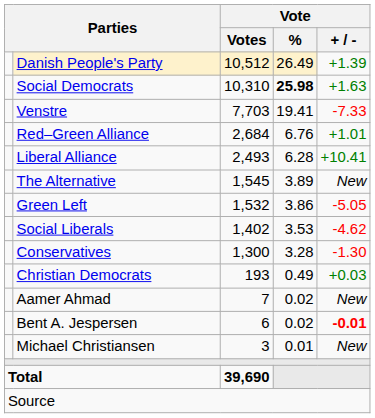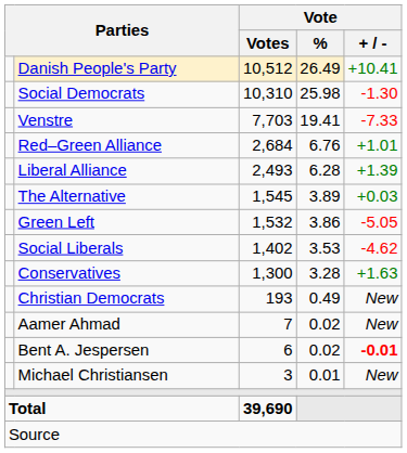 <table class="wikitable" style="text-align:right;">
 <tr>
 <th style="text-align:centre;" rowspan="2" colspan="2" width="225">Parties</th>
 <th colspan="3">Vote</th>
 </tr>
 <tr>
 <th width="15">Votes</th>
 <th width="15">%</th>
 <th width="15">+ / -</th>
 </tr>
 <tr>
 <td width="2" style="color:inherit;background:"></td>
 <td bgcolor=#fef2cc  align="left"><a href='#'>Danish People's Party</a></td>
 <td bgcolor=#fef2cc>10,512</td>
 <td bgcolor=#fef2cc>26.49</td>
-<td style=color:green;>+1.39</td>
+<td style=color:green;>+10.41</td>
 </tr>
 <tr>
 <td width="2" style="color:inherit;background:"></td>
 <td align="left"><a href='#'>Social Democrats</a></td>
 <td>10,310</td>
-<td><strong>25.98</strong></td>
-<td style=color:green;>+1.63</td>
+<td>25.98</td>
+<td style=color:red;>-1.30</td>
 </tr>
 <tr>
 <td width="2" style="color:inherit;background:"></td>
 <td align="left"><a href='#'>Venstre</a></td>
 <td>7,703</td>
 <td>19.41</td>
 <td style=color:red;>-7.33</td>
 </tr>
 <tr>
 <td width="2" style="color:inherit;background:"></td>
 <td align="left"><a href='#'>Red–Green Alliance</a></td>
 <td>2,684</td>
 <td>6.76</td>
 <td style=color:green;>+1.01</td>
 </tr>
 <tr>
 <td width="2" style="color:inherit;background:"></td>
 <td align="left"><a href='#'>Liberal Alliance</a></td>
 <td>2,493</td>
 <td>6.28</td>
-<td style=color:green;>+10.41</td>
+<td style=color:green;>+1.39</td>
 </tr>
 <tr>
 <td width="2" style="color:inherit;background:"></td>
 <td align="left"><a href='#'>The Alternative</a></td>
 <td>1,545</td>
 <td>3.89</td>
-<td><em>New</em></td>
+<td style=color:green;>+0.03</td>
 </tr>
 <tr>
 <td width="2" style="color:inherit;background:"></td>
 <td align="left"><a href='#'>Green Left</a></td>
 <td>1,532</td>
 <td>3.86</td>
 <td style=color:red;>-5.05</td>
 </tr>
 <tr>
 <td width="2" style="color:inherit;background:"></td>
 <td align="left"><a href='#'>Social Liberals</a></td>
 <td>1,402</td>
 <td>3.53</td>
 <td style=color:red;>-4.62</td>
 </tr>
 <tr>
 <td width="2" style="color:inherit;background:"></td>
 <td align="left"><a href='#'>Conservatives</a></td>
 <td>1,300</td>
 <td>3.28</td>
-<td style=color:red;>-1.30</td>
+<td style=color:green;>+1.63</td>
 </tr>
 <tr>
 <td width="2" style="color:inherit;background:"></td>
 <td align="left"><a href='#'>Christian Democrats</a></td>
 <td>193</td>
 <td>0.49</td>
-<td style=color:green;>+0.03</td>
+<td><em>New</em></td>
 </tr>
 <tr>
 <td width="2" style="color:inherit;background:"></td>
 <td align="left">Aamer Ahmad</td>
 <td>7</td>
 <td>0.02</td>
 <td><em>New</em></td>
 </tr>
 <tr>
 <td width="2" style="color:inherit;background:"></td>
 <td align="left">Bent A. Jespersen</td>
 <td>6</td>
 <td>0.02</td>
 <td style=color:red;><strong>-0.01</strong></td>
 </tr>
 <tr>
 <td width="2" style="color:inherit;background:"></td>
 <td align="left">Michael Christiansen</td>
 <td>3</td>
 <td>0.01</td>
 <td><em>New</em></td>
 </tr>
 <tr>
 <td colspan="7" bgcolor="#E9E9E9"></td>
 </tr>
 <tr>
 <td align="left" colspan="2"><strong>Total</strong></td>
 <td><strong>39,690</strong></td>
 <td bgcolor="#E9E9E9" colspan="2"></td>
 </tr>
 <tr>
 <td align="left" colspan="6">Source</td>
 </tr>
 </table>
